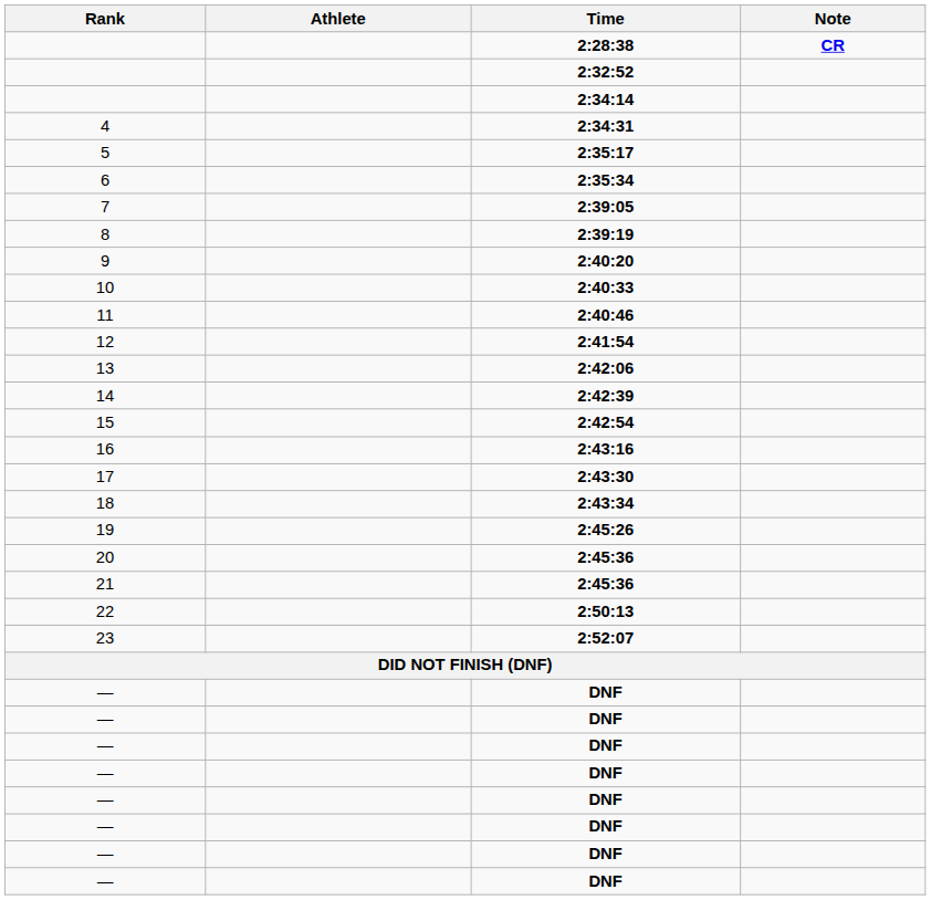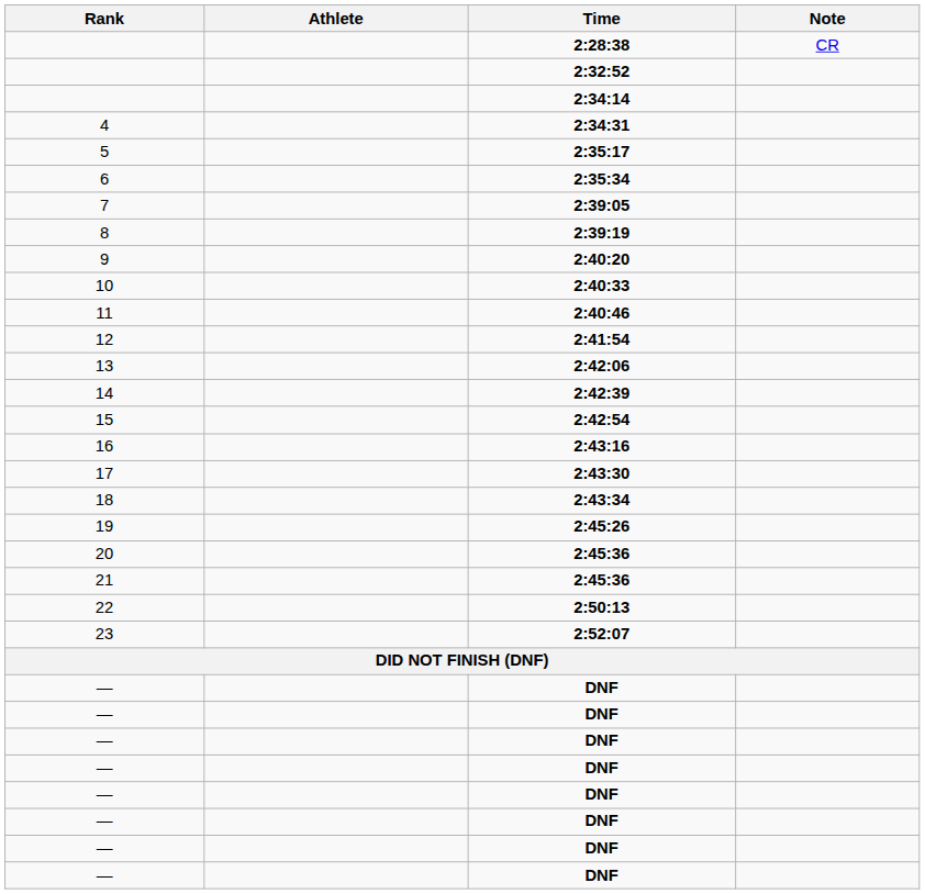 <table class="wikitable" style=" text-align:center; font-size:110%;" width="50%">
 <tr>
 <th>Rank</th>
 <th>Athlete</th>
 <th>Time</th>
 <th>Note</th>
 </tr>
 <tr>
 <td></td>
 <td align=left></td>
 <td><strong>2:28:38</strong></td>
-<td><strong><a href='#'>CR</a></strong></td>
+<td><a href='#'>CR</a></td>
 </tr>
 <tr>
 <td></td>
 <td align=left></td>
 <td><strong>2:32:52</strong></td>
 <td></td>
 </tr>
 <tr>
 <td></td>
 <td align=left></td>
 <td><strong>2:34:14</strong></td>
 <td></td>
 </tr>
 <tr>
 <td>4</td>
 <td align=left></td>
 <td><strong>2:34:31</strong></td>
 <td></td>
 </tr>
 <tr>
 <td>5</td>
 <td align=left></td>
 <td><strong>2:35:17</strong></td>
 <td></td>
 </tr>
 <tr>
 <td>6</td>
 <td align=left></td>
 <td><strong>2:35:34</strong></td>
 <td></td>
 </tr>
 <tr>
 <td>7</td>
 <td align=left></td>
 <td><strong>2:39:05</strong></td>
 <td></td>
 </tr>
 <tr>
 <td>8</td>
 <td align=left></td>
 <td><strong>2:39:19</strong></td>
 <td></td>
 </tr>
 <tr>
 <td>9</td>
 <td align=left></td>
 <td><strong>2:40:20</strong></td>
 <td></td>
 </tr>
 <tr>
 <td>10</td>
 <td align=left></td>
 <td><strong>2:40:33</strong></td>
 <td></td>
 </tr>
 <tr>
 <td>11</td>
 <td align=left></td>
 <td><strong>2:40:46</strong></td>
 <td></td>
 </tr>
 <tr>
 <td>12</td>
 <td align=left></td>
 <td><strong>2:41:54</strong></td>
 <td></td>
 </tr>
 <tr>
 <td>13</td>
 <td align=left></td>
 <td><strong>2:42:06</strong></td>
 <td></td>
 </tr>
 <tr>
 <td>14</td>
 <td align=left></td>
 <td><strong>2:42:39</strong></td>
 <td></td>
 </tr>
 <tr>
 <td>15</td>
 <td align=left></td>
 <td><strong>2:42:54</strong></td>
 <td></td>
 </tr>
 <tr>
 <td>16</td>
 <td align=left></td>
 <td><strong>2:43:16</strong></td>
 <td></td>
 </tr>
 <tr>
 <td>17</td>
 <td align=left></td>
 <td><strong>2:43:30</strong></td>
 <td></td>
 </tr>
 <tr>
 <td>18</td>
 <td align=left></td>
 <td><strong>2:43:34</strong></td>
 <td></td>
 </tr>
 <tr>
 <td>19</td>
 <td align=left></td>
 <td><strong>2:45:26</strong></td>
 <td></td>
 </tr>
 <tr>
 <td>20</td>
 <td align=left></td>
 <td><strong>2:45:36</strong></td>
 <td></td>
 </tr>
 <tr>
 <td>21</td>
 <td align=left></td>
 <td><strong>2:45:36</strong></td>
 <td></td>
 </tr>
 <tr>
 <td>22</td>
 <td align=left></td>
 <td><strong>2:50:13</strong></td>
 <td></td>
 </tr>
 <tr>
 <td>23</td>
 <td align=left></td>
 <td><strong>2:52:07</strong></td>
 <td></td>
 </tr>
 <tr>
 <th colspan="4">DID NOT FINISH (DNF)</th>
 </tr>
 <tr>
 <td>—</td>
 <td align=left></td>
 <td><strong>DNF</strong></td>
 <td></td>
 </tr>
 <tr>
 <td>—</td>
 <td align=left></td>
 <td><strong>DNF</strong></td>
 <td></td>
 </tr>
 <tr>
 <td>—</td>
 <td align=left></td>
 <td><strong>DNF</strong></td>
 <td></td>
 </tr>
 <tr>
 <td>—</td>
 <td align=left></td>
 <td><strong>DNF</strong></td>
 <td></td>
 </tr>
 <tr>
 <td>—</td>
 <td align=left></td>
 <td><strong>DNF</strong></td>
 <td></td>
 </tr>
 <tr>
 <td>—</td>
 <td align=left></td>
 <td><strong>DNF</strong></td>
 <td></td>
 </tr>
 <tr>
 <td>—</td>
 <td align=left></td>
 <td><strong>DNF</strong></td>
 <td></td>
 </tr>
 <tr>
 <td>—</td>
 <td align=left></td>
 <td><strong>DNF</strong></td>
 <td></td>
 </tr>
 </table>
